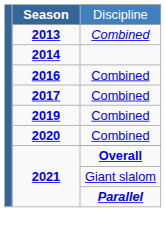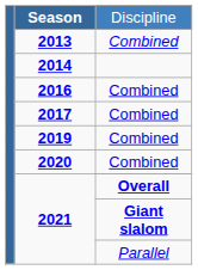 <table class="wikitable"  style="font-size:95%; text-align:center; border:gray solid 1px; width:30%;">
 <tr style="background:#369; color:white;">
 <td rowspan="14" style="width:1%;"></td>
 <td rowspan="2" style="width:10%;"><strong>Season</strong></td>
 </tr>
 <tr style="background:#4180be; color:white;">
 <td style="width:10%;">Discipline</td>
 </tr>
 <tr>
 <td><strong><a href='#'>2013</a></strong></td>
 <td><a href='#'><em>Combined</em></a> </td>
 </tr>
 <tr>
 <td><strong><a href='#'>2014</a></strong></td>
 <td></td>
 </tr>
 <tr>
 <td><strong><a href='#'>2016</a></strong></td>
 <td><a href='#'>Combined</a></td>
 </tr>
 <tr>
 <td><strong><a href='#'>2017</a></strong></td>
 <td><a href='#'>Combined</a></td>
 </tr>
 <tr>
 <td><strong><a href='#'>2019</a></strong></td>
 <td><a href='#'>Combined</a></td>
 </tr>
 <tr>
 <td><strong><a href='#'>2020</a></strong></td>
 <td><a href='#'>Combined</a></td>
 </tr>
 <tr>
 <td rowspan=4><strong><a href='#'>2021</a></strong></td>
 </tr>
 <tr>
 <td><strong><a href='#'>Overall</a></strong></td>
 </tr>
 <tr>
-<td><a href='#'>Giant slalom</a></td>
+<td><strong><a href='#'>Giant slalom</a></strong></td>
 </tr>
 <tr>
-<td><strong><a href='#'><em>Parallel</em></a> </strong></td>
+<td><a href='#'><em>Parallel</em></a> </td>
 </tr>
 </table>
